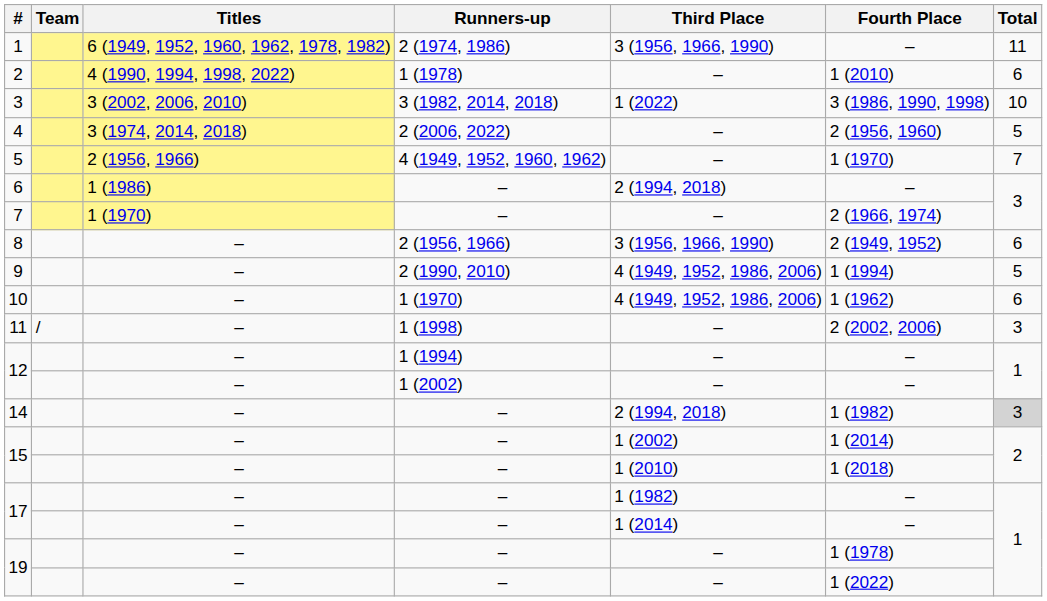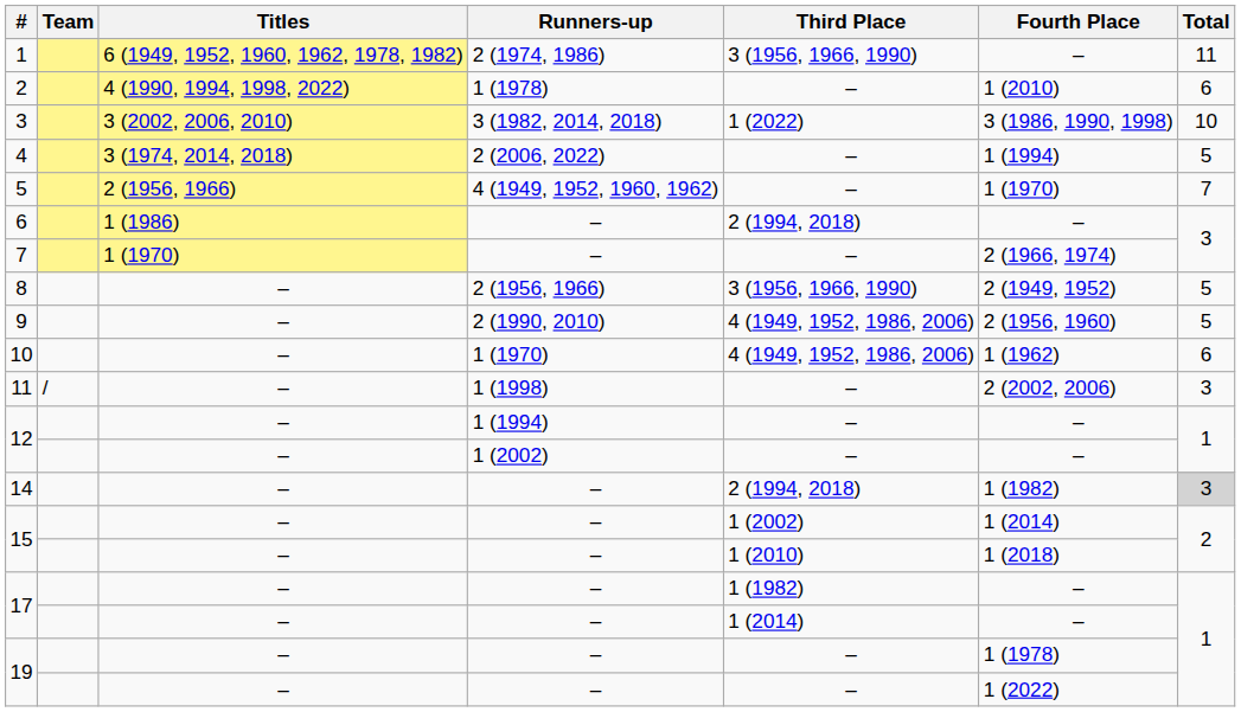 <table class="wikitable sortable" style="font-size: 96%;">
 <tr>
 <th>#</th>
 <th>Team</th>
 <th>Titles</th>
 <th>Runners-up</th>
 <th>Third Place</th>
 <th>Fourth Place</th>
 <th>Total</th>
 </tr>
 <tr>
 <td align="center">1</td>
 <td bgcolor=#FFF68F><em></em></td>
 <td bgcolor=#FFF68F>6 (<a href='#'>1949</a>, <a href='#'>1952</a>, <a href='#'>1960</a>, <a href='#'>1962</a>, <a href='#'>1978</a>, <a href='#'>1982</a>)</td>
 <td>2 (<a href='#'>1974</a>, <a href='#'>1986</a>)</td>
 <td>3 (<a href='#'>1956</a>, <a href='#'>1966</a>, <a href='#'>1990</a>)</td>
 <td align="center">–</td>
 <td align="center">11</td>
 </tr>
 <tr>
 <td align="center">2</td>
 <td bgcolor=#FFF68F></td>
 <td bgcolor=#FFF68F>4 (<a href='#'>1990</a>, <a href='#'>1994</a>, <a href='#'>1998</a>, <a href='#'>2022</a>)</td>
 <td>1 (<a href='#'>1978</a>)</td>
 <td align="center">–</td>
 <td>1 (<a href='#'>2010</a>)</td>
 <td align="center">6</td>
 </tr>
 <tr>
 <td align="center">3</td>
 <td bgcolor=#FFF68F></td>
 <td bgcolor=#FFF68F>3 (<a href='#'>2002</a>, <a href='#'>2006</a>, <a href='#'>2010</a>)</td>
 <td>3 (<a href='#'>1982</a>, <a href='#'>2014</a>, <a href='#'>2018</a>)</td>
 <td>1 (<a href='#'>2022</a>)</td>
 <td>3 (<a href='#'>1986</a>, <a href='#'>1990</a>, <a href='#'>1998</a>)</td>
 <td align="center">10</td>
 </tr>
 <tr>
 <td align="center">4</td>
 <td bgcolor=#FFF68F></td>
 <td bgcolor=#FFF68F>3 (<a href='#'>1974</a>, <a href='#'>2014</a>, <a href='#'>2018</a>)</td>
 <td>2 (<a href='#'>2006</a>, <a href='#'>2022</a>)</td>
 <td align="center">–</td>
-<td>2 (<a href='#'>1956</a>, <a href='#'>1960</a>)</td>
+<td>1 (<a href='#'>1994</a>)</td>
 <td align="center">5</td>
 </tr>
 <tr>
 <td align="center">5</td>
 <td bgcolor=#FFF68F><em></em></td>
 <td bgcolor=#FFF68F>2 (<a href='#'>1956</a>, <a href='#'>1966</a>)</td>
 <td>4 (<a href='#'>1949</a>, <a href='#'>1952</a>, <a href='#'>1960</a>, <a href='#'>1962</a>)</td>
 <td align="center">–</td>
 <td>1 (<a href='#'>1970</a>)</td>
 <td align="center">7</td>
 </tr>
 <tr>
 <td align="center">6</td>
 <td bgcolor=#FFF68F></td>
 <td bgcolor=#FFF68F>1 (<a href='#'>1986</a>)</td>
 <td align="center">–</td>
 <td>2 (<a href='#'>1994</a>, <a href='#'>2018</a>)</td>
 <td align="center">–</td>
 <td align="center" rowspan="2">3</td>
 </tr>
 <tr>
 <td align="center">7</td>
 <td bgcolor=#FFF68F><em></em></td>
 <td bgcolor=#FFF68F>1 (<a href='#'>1970</a>)</td>
 <td align="center">–</td>
 <td align="center">–</td>
 <td>2 (<a href='#'>1966</a>, <a href='#'>1974</a>)</td>
 </tr>
 <tr>
 <td align="center">8</td>
 <td></td>
 <td align="center">–</td>
 <td>2 (<a href='#'>1956</a>, <a href='#'>1966</a>)</td>
 <td>3 (<a href='#'>1956</a>, <a href='#'>1966</a>, <a href='#'>1990</a>)</td>
 <td>2 (<a href='#'>1949</a>, <a href='#'>1952</a>)</td>
-<td align="center">6</td>
+<td align="center">5</td>
 </tr>
 <tr>
 <td align="center">9</td>
 <td></td>
 <td align="center">–</td>
 <td>2 (<a href='#'>1990</a>, <a href='#'>2010</a>)</td>
 <td>4 (<a href='#'>1949</a>, <a href='#'>1952</a>, <a href='#'>1986</a>, <a href='#'>2006</a>)</td>
-<td>1 (<a href='#'>1994</a>)</td>
+<td>2 (<a href='#'>1956</a>, <a href='#'>1960</a>)</td>
 <td align="center">5</td>
 </tr>
 <tr>
 <td align="center">10</td>
 <td></td>
 <td align="center">–</td>
 <td>1 (<a href='#'>1970</a>)</td>
 <td>4 (<a href='#'>1949</a>, <a href='#'>1952</a>, <a href='#'>1986</a>, <a href='#'>2006</a>)</td>
 <td>1 (<a href='#'>1962</a>)</td>
 <td align="center">6</td>
 </tr>
 <tr>
 <td align="center">11</td>
 <td><em></em> / <br> <em></em></td>
 <td align="center">–</td>
 <td>1 (<a href='#'>1998</a>)</td>
 <td align="center">–</td>
 <td>2 (<a href='#'>2002</a>, <a href='#'>2006</a>)</td>
 <td align="center">3</td>
 </tr>
 <tr>
 <td align="center" rowspan="2">12</td>
 <td></td>
 <td align="center">–</td>
 <td>1 (<a href='#'>1994</a>)</td>
 <td align="center">–</td>
 <td align="center">–</td>
 <td align="center" rowspan="2">1</td>
 </tr>
 <tr>
 <td></td>
 <td align="center">–</td>
 <td>1 (<a href='#'>2002</a>)</td>
 <td align="center">–</td>
 <td align="center">–</td>
 </tr>
 <tr>
 <td align="center">14</td>
 <td></td>
 <td align="center">–</td>
 <td align="center">–</td>
 <td>2 (<a href='#'>1994</a>, <a href='#'>2018</a>)</td>
 <td>1 (<a href='#'>1982</a>)</td>
 <td align="center" style="background: lightgrey;">3</td>
 </tr>
 <tr>
 <td align="center" rowspan="2">15</td>
 <td></td>
 <td align="center">–</td>
 <td align="center">–</td>
 <td>1 (<a href='#'>2002</a>)</td>
 <td>1 (<a href='#'>2014</a>)</td>
 <td align="center" rowspan="2">2</td>
 </tr>
 <tr>
 <td></td>
 <td align="center">–</td>
 <td align="center">–</td>
 <td>1 (<a href='#'>2010</a>)</td>
 <td>1 (<a href='#'>2018</a>)</td>
 </tr>
 <tr>
 <td align="center" rowspan="2">17</td>
 <td></td>
 <td align="center">–</td>
 <td align="center">–</td>
 <td>1 (<a href='#'>1982</a>)</td>
 <td align="center">–</td>
 <td align="center" rowspan="4">1</td>
 </tr>
 <tr>
 <td></td>
 <td align="center">–</td>
 <td align="center">–</td>
 <td>1 (<a href='#'>2014</a>)</td>
 <td align="center">–</td>
 </tr>
 <tr>
 <td align="center" rowspan="2">19</td>
 <td></td>
 <td align="center">–</td>
 <td align="center">–</td>
 <td align="center">–</td>
 <td>1 (<a href='#'>1978</a>)</td>
 </tr>
 <tr>
 <td></td>
 <td align="center">–</td>
 <td align="center">–</td>
 <td align="center">–</td>
 <td>1 (<a href='#'>2022</a>)</td>
 </tr>
 </table>
